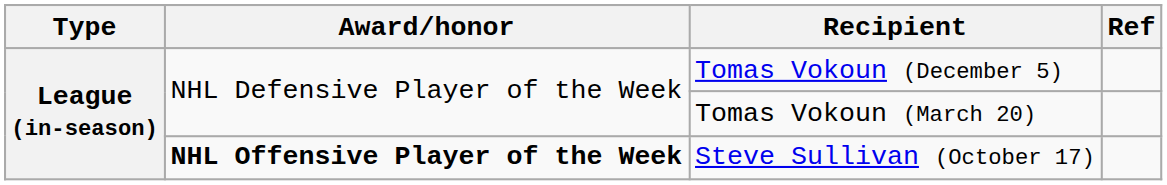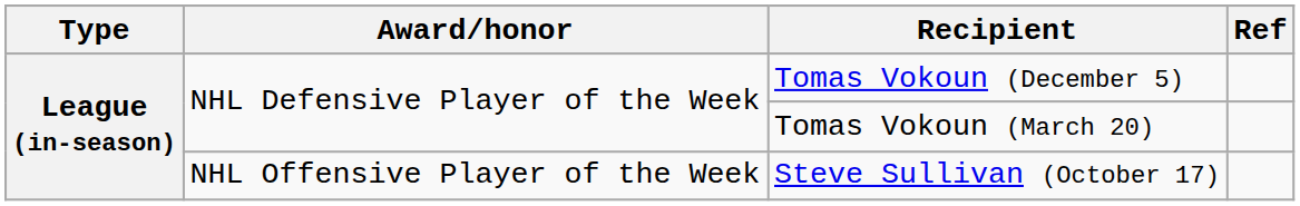 <table class="wikitable">
 <tr>
 <th scope="col">Type</th>
 <th scope="col">Award/honor</th>
 <th scope="col">Recipient</th>
 <th scope="col">Ref</th>
 </tr>
 <tr>
 <th scope="row" rowspan="3">League<br><small>(in-season)</small></th>
 <td rowspan="2">NHL Defensive Player of the Week</td>
 <td><a href='#'>Tomas Vokoun</a> <small>(December 5)</small></td>
 <td></td>
 </tr>
 <tr>
 <td>Tomas Vokoun <small>(March 20)</small></td>
 <td></td>
 </tr>
 <tr>
-<td><strong>NHL Offensive Player of the Week</strong></td>
+<td>NHL Offensive Player of the Week</td>
 <td><a href='#'>Steve Sullivan</a> <small>(October 17)</small></td>
 <td></td>
 </tr>
 </table>
